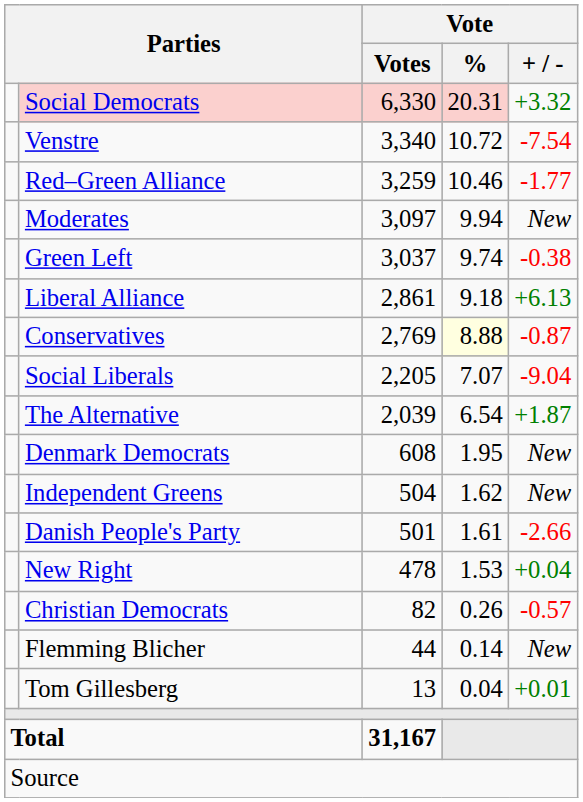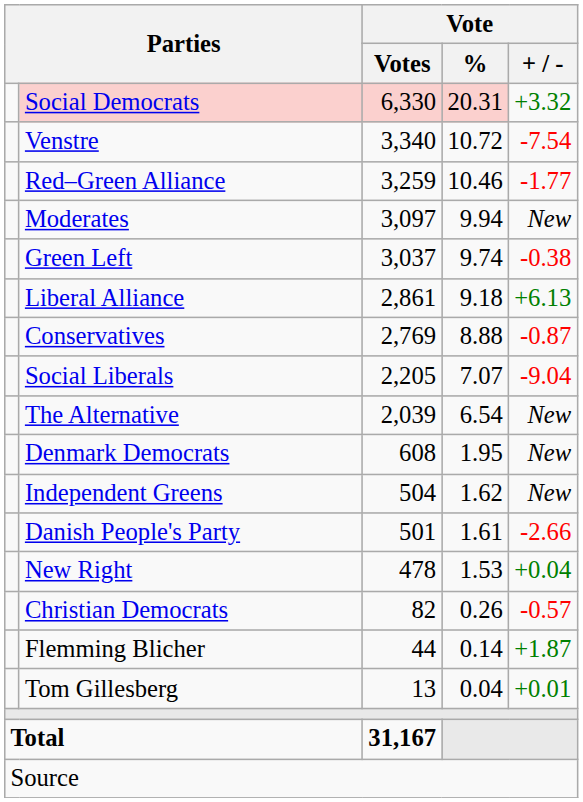 <table class="wikitable" style="text-align:right;">
 <tr>
 <th style="text-align:centre;" rowspan="2" colspan="2" width="225">Parties</th>
 <th colspan="3">Vote</th>
 </tr>
 <tr>
 <th width="15">Votes</th>
 <th width="15">%</th>
 <th width="15">+ / -</th>
 </tr>
 <tr>
 <td width="2" style="color:inherit;background:"></td>
 <td bgcolor=#fbd0ce  align="left"><a href='#'>Social Democrats</a></td>
 <td bgcolor=#fbd0ce>6,330</td>
 <td bgcolor=#fbd0ce>20.31</td>
 <td style=color:green;>+3.32</td>
 </tr>
 <tr>
 <td width="2" style="color:inherit;background:"></td>
 <td align="left"><a href='#'>Venstre</a></td>
 <td>3,340</td>
 <td>10.72</td>
 <td style=color:red;>-7.54</td>
 </tr>
 <tr>
 <td width="2" style="color:inherit;background:"></td>
 <td align="left"><a href='#'>Red–Green Alliance</a></td>
 <td>3,259</td>
 <td>10.46</td>
 <td style=color:red;>-1.77</td>
 </tr>
 <tr>
 <td width="2" style="color:inherit;background:"></td>
 <td align="left"><a href='#'>Moderates</a></td>
 <td>3,097</td>
 <td>9.94</td>
 <td><em>New</em></td>
 </tr>
 <tr>
 <td width="2" style="color:inherit;background:"></td>
 <td align="left"><a href='#'>Green Left</a></td>
 <td>3,037</td>
 <td>9.74</td>
 <td style=color:red;>-0.38</td>
 </tr>
 <tr>
 <td width="2" style="color:inherit;background:"></td>
 <td align="left"><a href='#'>Liberal Alliance</a></td>
 <td>2,861</td>
 <td>9.18</td>
 <td style=color:green;>+6.13</td>
 </tr>
 <tr>
 <td width="2" style="color:inherit;background:"></td>
 <td align="left"><a href='#'>Conservatives</a></td>
 <td>2,769</td>
-<td style="background: lightyellow;">8.88</td>
+<td>8.88</td>
 <td style=color:red;>-0.87</td>
 </tr>
 <tr>
 <td width="2" style="color:inherit;background:"></td>
 <td align="left"><a href='#'>Social Liberals</a></td>
 <td>2,205</td>
 <td>7.07</td>
 <td style=color:red;>-9.04</td>
 </tr>
 <tr>
 <td width="2" style="color:inherit;background:"></td>
 <td align="left"><a href='#'>The Alternative</a></td>
 <td>2,039</td>
 <td>6.54</td>
-<td style=color:green;>+1.87</td>
+<td><em>New</em></td>
 </tr>
 <tr>
 <td width="2" style="color:inherit;background:"></td>
 <td align="left"><a href='#'>Denmark Democrats</a></td>
 <td>608</td>
 <td>1.95</td>
 <td><em>New</em></td>
 </tr>
 <tr>
 <td width="2" style="color:inherit;background:"></td>
 <td align="left"><a href='#'>Independent Greens</a></td>
 <td>504</td>
 <td>1.62</td>
 <td><em>New</em></td>
 </tr>
 <tr>
 <td width="2" style="color:inherit;background:"></td>
 <td align="left"><a href='#'>Danish People's Party</a></td>
 <td>501</td>
 <td>1.61</td>
 <td style=color:red;>-2.66</td>
 </tr>
 <tr>
 <td width="2" style="color:inherit;background:"></td>
 <td align="left"><a href='#'>New Right</a></td>
 <td>478</td>
 <td>1.53</td>
 <td style=color:green;>+0.04</td>
 </tr>
 <tr>
 <td width="2" style="color:inherit;background:"></td>
 <td align="left"><a href='#'>Christian Democrats</a></td>
 <td>82</td>
 <td>0.26</td>
 <td style=color:red;>-0.57</td>
 </tr>
 <tr>
 <td width="2" style="color:inherit;background:"></td>
 <td align="left">Flemming Blicher</td>
 <td>44</td>
 <td>0.14</td>
-<td><em>New</em></td>
+<td style=color:green;>+1.87</td>
 </tr>
 <tr>
 <td width="2" style="color:inherit;background:"></td>
 <td align="left">Tom Gillesberg</td>
 <td>13</td>
 <td>0.04</td>
 <td style=color:green;>+0.01</td>
 </tr>
 <tr>
 <td colspan="7" bgcolor="#E9E9E9"></td>
 </tr>
 <tr>
 <td align="left" colspan="2"><strong>Total</strong></td>
 <td><strong>31,167</strong></td>
 <td bgcolor="#E9E9E9" colspan="2"></td>
 </tr>
 <tr>
 <td align="left" colspan="6">Source</td>
 </tr>
 </table>
